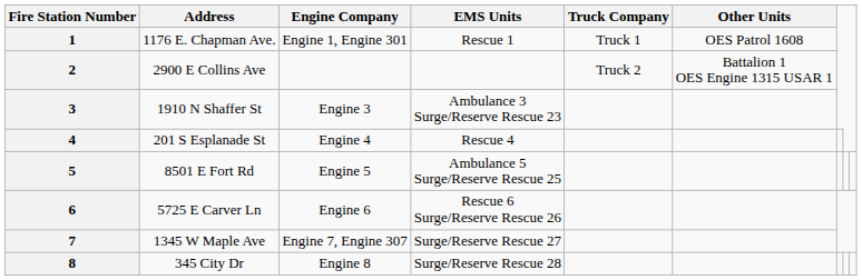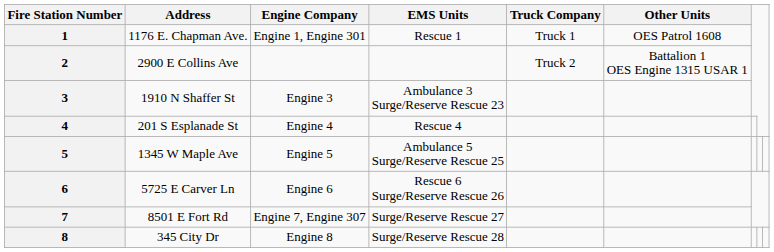 <table class="wikitable" style="text-align:center;">
 <tr>
 <th>Fire Station Number</th>
 <th>Address</th>
 <th>Engine Company</th>
 <th>EMS Units</th>
 <th>Truck Company</th>
 <th>Other Units</th>
 </tr>
 <tr>
 <th>1</th>
 <td>1176 E. Chapman Ave.</td>
 <td>Engine 1, Engine 301</td>
 <td>Rescue 1</td>
 <td>Truck 1</td>
 <td>OES Patrol 1608</td>
 </tr>
 <tr>
 <th>2</th>
 <td>2900 E Collins Ave</td>
 <td></td>
 <td></td>
 <td>Truck 2</td>
 <td>Battalion 1<br>OES Engine 1315 USAR 1</td>
 </tr>
 <tr>
 <th>3</th>
 <td>1910 N Shaffer St</td>
 <td>Engine 3</td>
 <td>Ambulance 3<br>Surge/Reserve Rescue 23</td>
 <td></td>
 <td></td>
 </tr>
 <tr>
 <th>4</th>
 <td>201 S Esplanade St</td>
 <td>Engine 4</td>
 <td>Rescue 4</td>
 <td></td>
 <td></td>
 <td></td>
 </tr>
 <tr>
 <th>5</th>
-<td>8501 E Fort Rd</td>
+<td>1345 W Maple Ave</td>
 <td>Engine 5</td>
 <td>Ambulance 5<br>Surge/Reserve Rescue 25</td>
 <td></td>
 <td></td>
 <td></td>
 <td></td>
 <td></td>
 </tr>
 <tr>
 <th>6</th>
 <td>5725 E Carver Ln</td>
 <td>Engine 6</td>
 <td>Rescue 6<br>Surge/Reserve Rescue 26</td>
 <td></td>
 <td></td>
 </tr>
 <tr>
 <th>7</th>
-<td>1345 W Maple Ave</td>
+<td>8501 E Fort Rd</td>
 <td>Engine 7, Engine 307</td>
 <td>Surge/Reserve Rescue 27</td>
 <td></td>
 <td></td>
 </tr>
 <tr>
 <th>8</th>
 <td>345 City Dr</td>
 <td>Engine 8</td>
 <td>Surge/Reserve Rescue 28</td>
 <td></td>
 <td></td>
 <td></td>
 <td></td>
 <td></td>
 </tr>
 </table>
